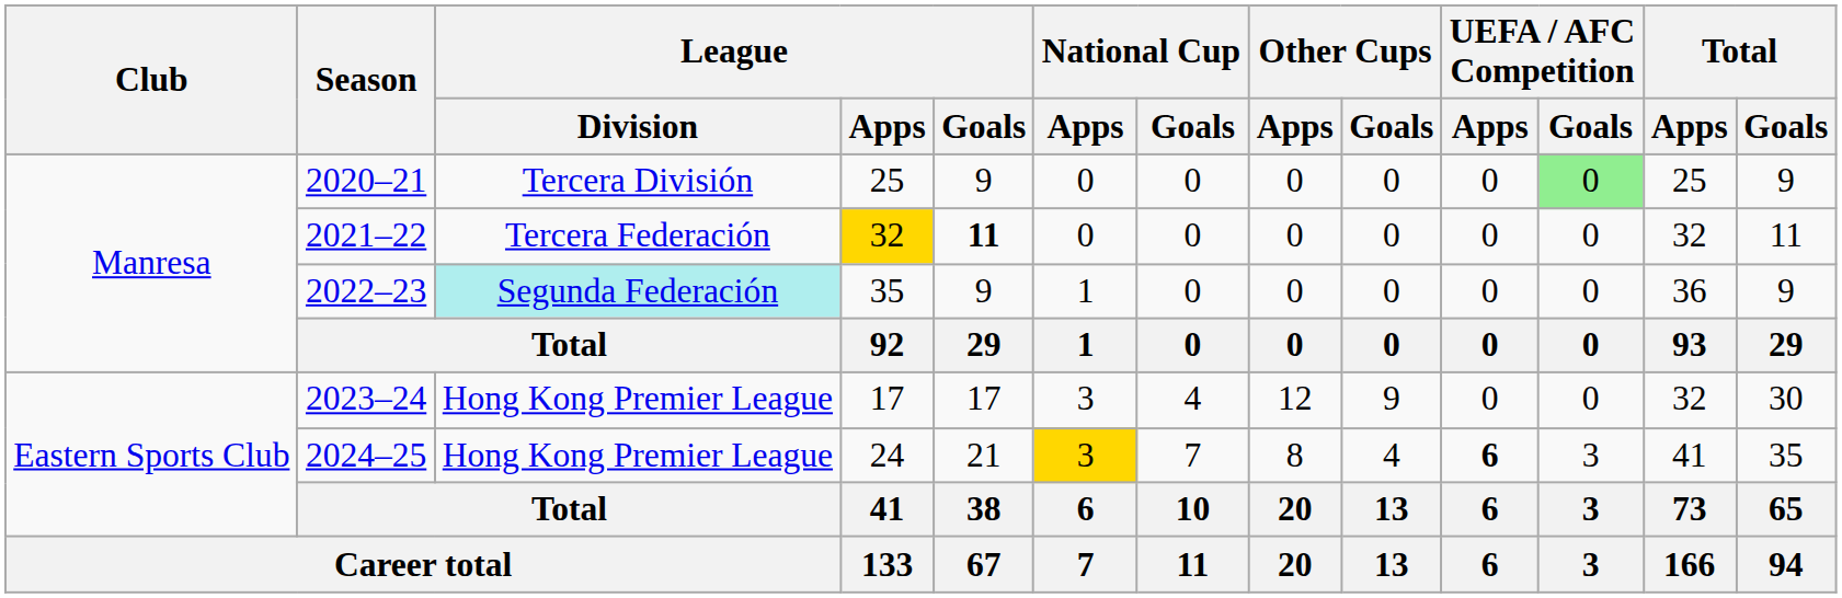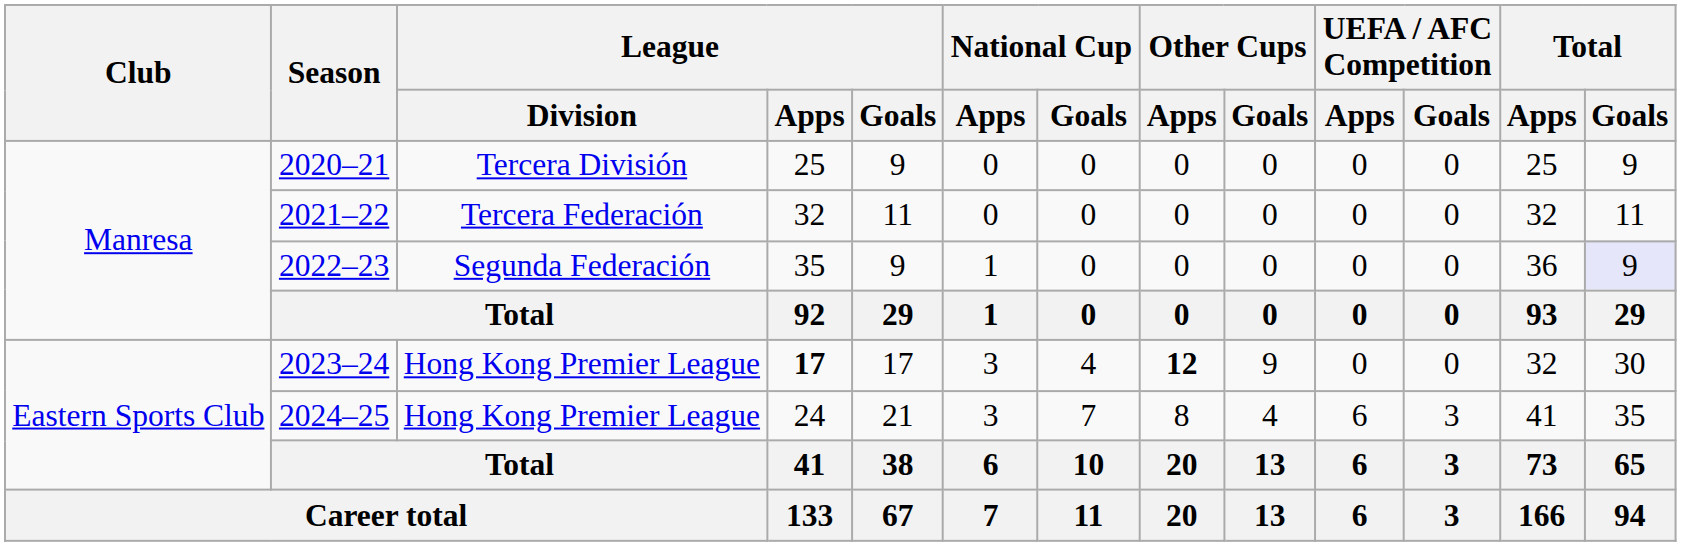 <table class="wikitable" style="text-align:center">
 <tr>
 <th rowspan="2">Club</th>
 <th rowspan="2">Season</th>
 <th colspan="3">League</th>
 <th colspan="2">National Cup</th>
 <th colspan="2">Other Cups</th>
 <th colspan="2">UEFA / AFC <br> Competition</th>
 <th colspan="2">Total</th>
 </tr>
 <tr>
 <th>Division</th>
 <th>Apps</th>
 <th>Goals</th>
 <th>Apps</th>
 <th>Goals</th>
 <th>Apps</th>
 <th>Goals</th>
 <th>Apps</th>
 <th>Goals</th>
 <th>Apps</th>
 <th>Goals</th>
 </tr>
 <tr>
 <td rowspan="4"><a href='#'>Manresa</a></td>
 <td><a href='#'>2020–21</a></td>
 <td><a href='#'>Tercera División</a></td>
 <td>25</td>
 <td>9</td>
 <td>0</td>
 <td>0</td>
 <td>0</td>
 <td>0</td>
 <td>0</td>
-<td style="background: lightgreen;">0</td>
+<td>0</td>
 <td>25</td>
 <td>9</td>
 </tr>
 <tr>
 <td><a href='#'>2021–22</a></td>
 <td><a href='#'>Tercera Federación</a></td>
-<td style="background: gold;">32</td>
-<td><strong>11</strong></td>
+<td>32</td>
+<td>11</td>
 <td>0</td>
 <td>0</td>
 <td>0</td>
 <td>0</td>
 <td>0</td>
 <td>0</td>
 <td>32</td>
 <td>11</td>
 </tr>
 <tr>
 <td><a href='#'>2022–23</a></td>
-<td style="background: paleturquoise;"><a href='#'>Segunda Federación</a></td>
+<td><a href='#'>Segunda Federación</a></td>
 <td>35</td>
 <td>9</td>
 <td>1</td>
 <td>0</td>
 <td>0</td>
 <td>0</td>
 <td>0</td>
 <td>0</td>
 <td>36</td>
-<td>9</td>
+<td style="background: lavender;">9</td>
 </tr>
 <tr>
 <th colspan="2">Total</th>
 <th>92</th>
 <th>29</th>
 <th>1</th>
 <th>0</th>
 <th>0</th>
 <th>0</th>
 <th>0</th>
 <th>0</th>
 <th>93</th>
 <th>29</th>
 </tr>
 <tr>
 <td rowspan="3"><a href='#'>Eastern Sports Club</a></td>
 <td><a href='#'>2023–24</a></td>
 <td><a href='#'>Hong Kong Premier League</a></td>
-<td>17</td>
+<td><strong>17</strong></td>
 <td>17</td>
 <td>3</td>
 <td>4</td>
-<td>12</td>
+<td><strong>12</strong></td>
 <td>9</td>
 <td>0</td>
 <td>0</td>
 <td>32</td>
 <td>30</td>
 </tr>
 <tr>
 <td><a href='#'>2024–25</a></td>
 <td><a href='#'>Hong Kong Premier League</a></td>
 <td>24</td>
 <td>21</td>
-<td style="background: gold;">3</td>
+<td>3</td>
 <td>7</td>
 <td>8</td>
 <td>4</td>
-<td><strong>6</strong></td>
+<td>6</td>
 <td>3</td>
 <td>41</td>
 <td>35</td>
 </tr>
 <tr>
 <th colspan="2">Total</th>
 <th>41</th>
 <th>38</th>
 <th>6</th>
 <th>10</th>
 <th>20</th>
 <th>13</th>
 <th>6</th>
 <th>3</th>
 <th>73</th>
 <th>65</th>
 </tr>
 <tr>
 <th colspan="3">Career total</th>
 <th>133</th>
 <th>67</th>
 <th>7</th>
 <th>11</th>
 <th>20</th>
 <th>13</th>
 <th>6</th>
 <th>3</th>
 <th>166</th>
 <th>94</th>
 </tr>
 </table>
